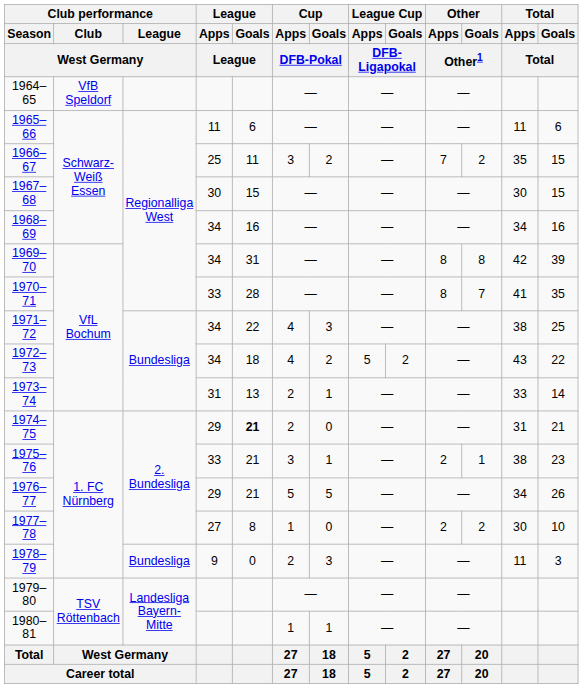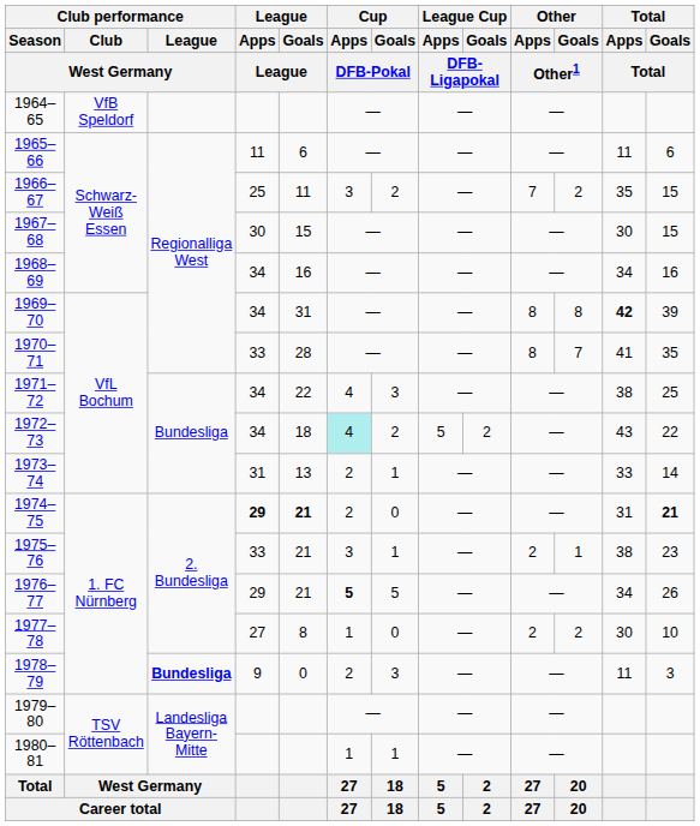 <table class="wikitable" style="text-align:center">
 <tr>
 <th colspan=3>Club performance</th>
 <th colspan=2>League</th>
 <th colspan=2>Cup</th>
 <th colspan=2>League Cup</th>
 <th colspan=2>Other</th>
 <th colspan=2>Total</th>
 </tr>
 <tr>
 <th>Season</th>
 <th>Club</th>
 <th>League</th>
 <th>Apps</th>
 <th>Goals</th>
 <th>Apps</th>
 <th>Goals</th>
 <th>Apps</th>
 <th>Goals</th>
 <th>Apps</th>
 <th>Goals</th>
 <th>Apps</th>
 <th>Goals</th>
 </tr>
 <tr>
 <th colspan=3>West Germany</th>
 <th colspan=2>League</th>
 <th colspan=2><a href='#'>DFB-Pokal</a></th>
 <th colspan=2><a href='#'>DFB-Ligapokal</a></th>
 <th colspan=2>Other<sup><a href='#'>1</a></sup></th>
 <th colspan=2>Total</th>
 </tr>
 <tr>
 <td>1964–65</td>
 <td><a href='#'>VfB Speldorf</a></td>
 <td></td>
 <td></td>
 <td></td>
 <td colspan="2">—</td>
 <td colspan="2">—</td>
 <td colspan="2">—</td>
 <td></td>
 <td></td>
 </tr>
 <tr>
 <td><a href='#'>1965–66</a></td>
 <td rowspan="4"><a href='#'>Schwarz-Weiß Essen</a></td>
 <td rowspan="6"><a href='#'>Regionalliga West</a></td>
 <td>11</td>
 <td>6</td>
 <td colspan="2">—</td>
 <td colspan="2">—</td>
 <td colspan="2">—</td>
 <td>11</td>
 <td>6</td>
 </tr>
 <tr>
 <td><a href='#'>1966–67</a></td>
 <td>25</td>
 <td>11</td>
 <td>3</td>
 <td>2</td>
 <td colspan="2">—</td>
 <td>7</td>
 <td>2</td>
 <td>35</td>
 <td>15</td>
 </tr>
 <tr>
 <td><a href='#'>1967–68</a></td>
 <td>30</td>
 <td>15</td>
 <td colspan="2">—</td>
 <td colspan="2">—</td>
 <td colspan="2">—</td>
 <td>30</td>
 <td>15</td>
 </tr>
 <tr>
 <td><a href='#'>1968–69</a></td>
 <td>34</td>
 <td>16</td>
 <td colspan="2">—</td>
 <td colspan="2">—</td>
 <td colspan="2">—</td>
 <td>34</td>
 <td>16</td>
 </tr>
 <tr>
 <td><a href='#'>1969–70</a></td>
 <td rowspan="5"><a href='#'>VfL Bochum</a></td>
 <td>34</td>
 <td>31</td>
 <td colspan="2">—</td>
 <td colspan="2">—</td>
 <td>8</td>
 <td>8</td>
-<td>42</td>
+<td><strong>42</strong></td>
 <td>39</td>
 </tr>
 <tr>
 <td><a href='#'>1970–71</a></td>
 <td>33</td>
 <td>28</td>
 <td colspan="2">—</td>
 <td colspan="2">—</td>
 <td>8</td>
 <td>7</td>
 <td>41</td>
 <td>35</td>
 </tr>
 <tr>
 <td><a href='#'>1971–72</a></td>
 <td rowspan="3"><a href='#'>Bundesliga</a></td>
 <td>34</td>
 <td>22</td>
 <td>4</td>
 <td>3</td>
 <td colspan="2">—</td>
 <td colspan="2">—</td>
 <td>38</td>
 <td>25</td>
 </tr>
 <tr>
 <td><a href='#'>1972–73</a></td>
 <td>34</td>
 <td>18</td>
-<td>4</td>
+<td style="background: paleturquoise;">4</td>
 <td>2</td>
 <td>5</td>
 <td>2</td>
 <td colspan="2">—</td>
 <td>43</td>
 <td>22</td>
 </tr>
 <tr>
 <td><a href='#'>1973–74</a></td>
 <td>31</td>
 <td>13</td>
 <td>2</td>
 <td>1</td>
 <td colspan="2">—</td>
 <td colspan="2">—</td>
 <td>33</td>
 <td>14</td>
 </tr>
 <tr>
 <td><a href='#'>1974–75</a></td>
 <td rowspan="5"><a href='#'>1. FC Nürnberg</a></td>
 <td rowspan="4"><a href='#'>2. Bundesliga</a></td>
-<td>29</td>
+<td><strong>29</strong></td>
 <td><strong>21</strong></td>
 <td>2</td>
 <td>0</td>
 <td colspan="2">—</td>
 <td colspan="2">—</td>
 <td>31</td>
-<td>21</td>
+<td><strong>21</strong></td>
 </tr>
 <tr>
 <td><a href='#'>1975–76</a></td>
 <td>33</td>
 <td>21</td>
 <td>3</td>
 <td>1</td>
 <td colspan="2">—</td>
 <td>2</td>
 <td>1</td>
 <td>38</td>
 <td>23</td>
 </tr>
 <tr>
 <td><a href='#'>1976–77</a></td>
 <td>29</td>
 <td>21</td>
-<td>5</td>
+<td><strong>5</strong></td>
 <td>5</td>
 <td colspan="2">—</td>
 <td colspan="2">—</td>
 <td>34</td>
 <td>26</td>
 </tr>
 <tr>
 <td><a href='#'>1977–78</a></td>
 <td>27</td>
 <td>8</td>
 <td>1</td>
 <td>0</td>
 <td colspan="2">—</td>
 <td>2</td>
 <td>2</td>
 <td>30</td>
 <td>10</td>
 </tr>
 <tr>
 <td><a href='#'>1978–79</a></td>
-<td><a href='#'>Bundesliga</a></td>
+<td><strong><a href='#'>Bundesliga</a></strong></td>
 <td>9</td>
 <td>0</td>
 <td>2</td>
 <td>3</td>
 <td colspan="2">—</td>
 <td colspan="2">—</td>
 <td>11</td>
 <td>3</td>
 </tr>
 <tr>
 <td>1979–80</td>
 <td rowspan="2"><a href='#'>TSV Röttenbach</a></td>
 <td rowspan="2"><a href='#'>Landesliga Bayern-Mitte</a></td>
 <td></td>
 <td></td>
 <td colspan="2">—</td>
 <td colspan="2">—</td>
 <td colspan="2">—</td>
 <td></td>
 <td></td>
 </tr>
 <tr>
 <td>1980–81</td>
 <td></td>
 <td></td>
 <td>1</td>
 <td>1</td>
 <td colspan="2">—</td>
 <td colspan="2">—</td>
 <td></td>
 <td></td>
 </tr>
 <tr>
 <th rowspan=1>Total</th>
 <th colspan=2>West Germany</th>
 <th></th>
 <th></th>
 <th>27</th>
 <th>18</th>
 <th>5</th>
 <th>2</th>
 <th>27</th>
 <th>20</th>
 <th></th>
 <th></th>
 </tr>
 <tr>
 <th colspan=3>Career total</th>
 <th></th>
 <th></th>
 <th>27</th>
 <th>18</th>
 <th>5</th>
 <th>2</th>
 <th>27</th>
 <th>20</th>
 <th></th>
 <th></th>
 </tr>
 </table>
